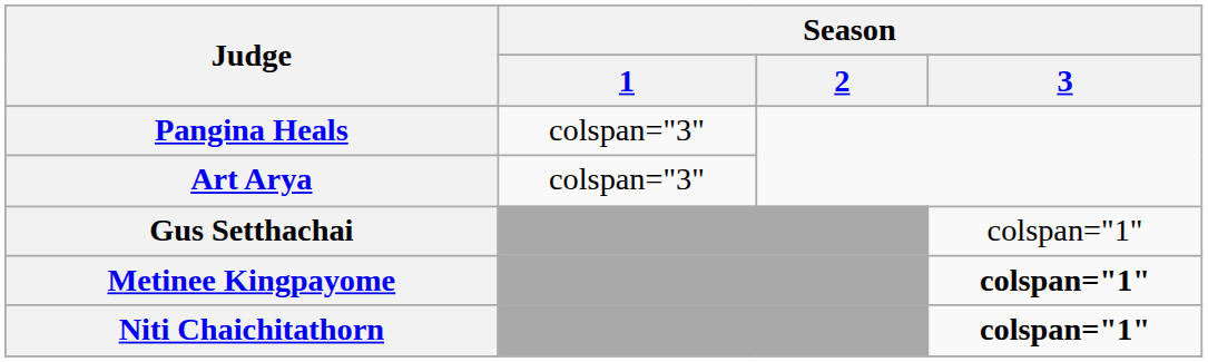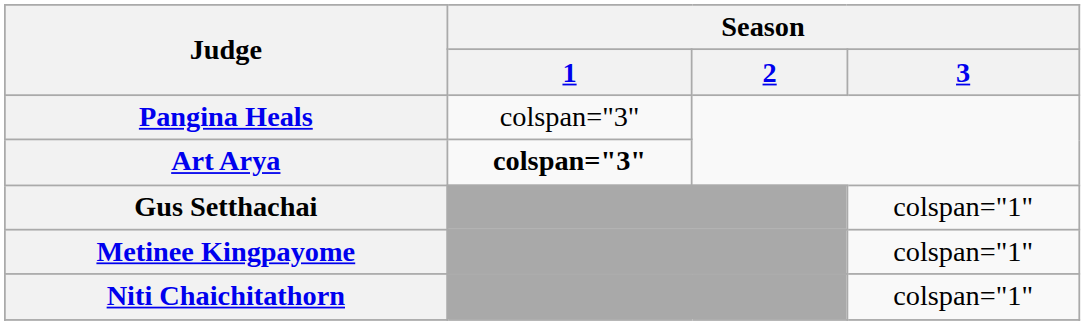 <table class="wikitable plainrowheaders" style="text-align:center">
 <tr>
 <th rowspan="2" style="width:20%;" scope="col">Judge</th>
 <th colspan="3">Season</th>
 </tr>
 <tr>
 <th style="width:7%;" scope="colspan"><a href='#'>1</a></th>
 <th style="width:7%;" scope="colspan"><a href='#'>2</a></th>
 <th style="width:7%;" scope="colspan"><a href='#'>3</a></th>
 </tr>
 <tr>
 <th scope="row" style="text-align: center;"><a href='#'>Pangina Heals</a></th>
 <td>colspan="3" </td>
 </tr>
 <tr>
 <th scope="row" style="text-align: center;"><a href='#'>Art Arya</a></th>
-<td>colspan="3" </td>
+<td><strong>colspan="3" </strong></td>
 </tr>
 <tr>
 <th scope="row" style="text-align: center;">Gus Setthachai</th>
 <td colspan="2" bgcolor="darkgray"></td>
 <td>colspan="1" </td>
 </tr>
 <tr>
 <th scope="row" style="text-align: center;"><a href='#'>Metinee Kingpayome</a></th>
 <td colspan="2" bgcolor="darkgray"></td>
-<td><strong>colspan="1" </strong></td>
+<td>colspan="1" </td>
 </tr>
 <tr>
 <th scope="row" style="text-align: center;"><a href='#'>Niti Chaichitathorn</a></th>
 <td colspan="2" bgcolor="darkgray"></td>
-<td><strong>colspan="1" </strong></td>
+<td>colspan="1" </td>
 </tr>
 </table>
